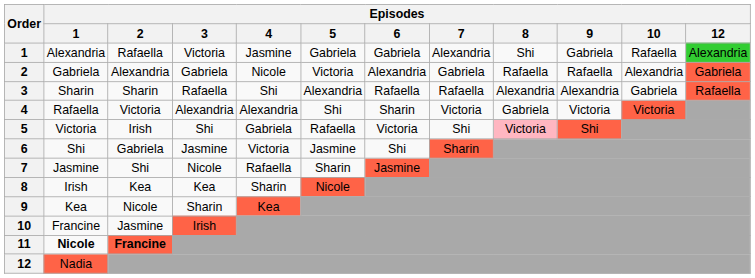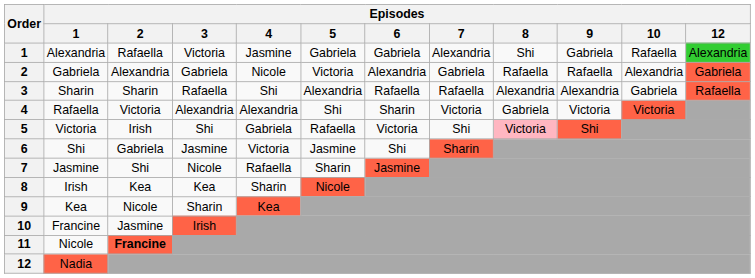 <table class="wikitable" style="text-align:center; font-size:92%">
 <tr>
 <th rowspan=2>Order</th>
 <th colspan=11>Episodes</th>
 </tr>
 <tr>
 <th>1</th>
 <th>2</th>
 <th>3</th>
 <th>4</th>
 <th>5</th>
 <th>6</th>
 <th>7</th>
 <th>8</th>
 <th>9</th>
 <th>10</th>
 <th>12</th>
 </tr>
 <tr>
 <th>1</th>
 <td>Alexandria</td>
 <td>Rafaella</td>
 <td>Victoria</td>
 <td>Jasmine</td>
 <td>Gabriela</td>
 <td>Gabriela</td>
 <td>Alexandria</td>
 <td>Shi</td>
 <td>Gabriela</td>
 <td>Rafaella</td>
 <td style="background:limegreen;">Alexandria</td>
 </tr>
 <tr>
 <th>2</th>
 <td>Gabriela</td>
 <td>Alexandria</td>
 <td>Gabriela</td>
 <td>Nicole</td>
 <td>Victoria</td>
 <td>Alexandria</td>
 <td>Gabriela</td>
 <td>Rafaella</td>
 <td>Rafaella</td>
 <td>Alexandria</td>
 <td style="background:tomato;">Gabriela</td>
 </tr>
 <tr>
 <th>3</th>
 <td>Sharin</td>
 <td>Sharin</td>
 <td>Rafaella</td>
 <td>Shi</td>
 <td>Alexandria</td>
 <td>Rafaella</td>
 <td>Rafaella</td>
 <td>Alexandria</td>
 <td>Alexandria</td>
 <td>Gabriela</td>
 <td style="background:tomato;">Rafaella</td>
 </tr>
 <tr>
 <th>4</th>
 <td>Rafaella</td>
 <td>Victoria</td>
 <td>Alexandria</td>
 <td>Alexandria</td>
 <td>Shi</td>
 <td>Sharin</td>
 <td>Victoria</td>
 <td>Gabriela</td>
 <td>Victoria</td>
 <td style="background:tomato;">Victoria</td>
 <td style="background:darkgrey;" colspan="1"></td>
 </tr>
 <tr>
 <th>5</th>
 <td>Victoria</td>
 <td>Irish</td>
 <td>Shi</td>
 <td>Gabriela</td>
 <td>Rafaella</td>
 <td>Victoria</td>
 <td>Shi</td>
 <td bgcolor="lightpink">Victoria</td>
 <td style="background:tomato;">Shi</td>
 <td style="background:darkgrey;" colspan="2"></td>
 </tr>
 <tr>
 <th>6</th>
 <td>Shi</td>
 <td>Gabriela</td>
 <td>Jasmine</td>
 <td>Victoria</td>
 <td>Jasmine</td>
 <td>Shi</td>
 <td style="background:tomato;">Sharin</td>
 <td style="background:darkgrey;" colspan="4"></td>
 </tr>
 <tr>
 <th>7</th>
 <td>Jasmine</td>
 <td>Shi</td>
 <td>Nicole</td>
 <td>Rafaella</td>
 <td>Sharin</td>
 <td style="background:tomato;">Jasmine</td>
 <td style="background:darkgrey;" colspan="5"></td>
 </tr>
 <tr>
 <th>8</th>
 <td>Irish</td>
 <td>Kea</td>
 <td>Kea</td>
 <td>Sharin</td>
 <td style="background:tomato;">Nicole</td>
 <td style="background:darkgrey;" colspan="6"></td>
 </tr>
 <tr>
 <th>9</th>
 <td>Kea</td>
 <td>Nicole</td>
 <td>Sharin</td>
 <td style="background:tomato;">Kea</td>
 <td style="background:darkgrey;" colspan="7"></td>
 </tr>
 <tr>
 <th>10</th>
 <td>Francine</td>
 <td>Jasmine</td>
 <td style="background:tomato;">Irish</td>
 <td style="background:darkgrey;" colspan="8"></td>
 </tr>
 <tr>
 <th>11</th>
-<td><strong>Nicole</strong></td>
+<td>Nicole</td>
 <td style="background:tomato;"><strong>Francine</strong></td>
 <td style="background:darkgrey;" colspan="9"></td>
 </tr>
 <tr>
 <th>12</th>
 <td style="background:tomato;">Nadia</td>
 <td style="background:darkgrey;" colspan="10"></td>
 </tr>
 </table>
